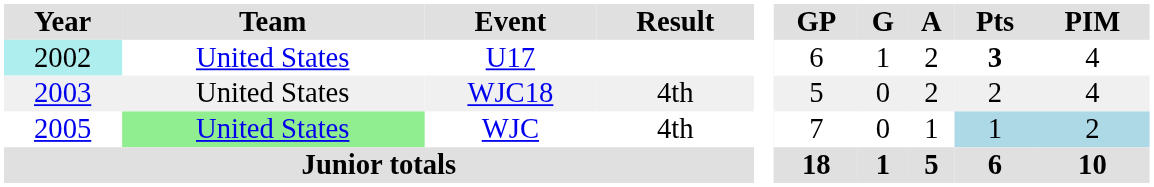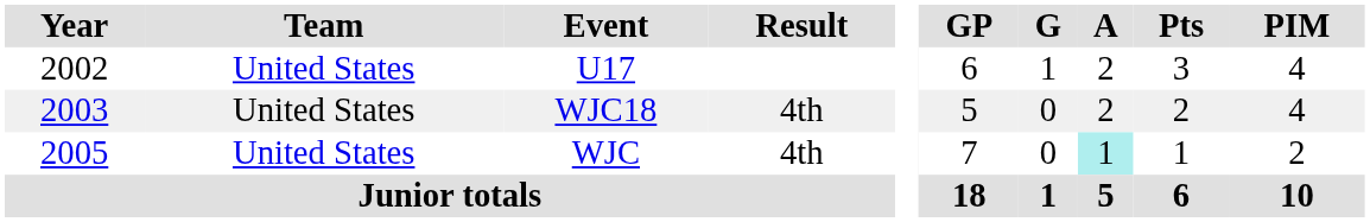 <table border="0" cellpadding="1" cellspacing="0" style="text-align:center; width:40em">
 <tr ALIGN="center" bgcolor="#e0e0e0">
 <th>Year</th>
 <th>Team</th>
 <th>Event</th>
 <th>Result</th>
 <th rowspan="99" bgcolor="#ffffff"> </th>
 <th>GP</th>
 <th>G</th>
 <th>A</th>
 <th>Pts</th>
 <th>PIM</th>
 </tr>
 <tr>
-<td style="background: paleturquoise;">2002</td>
+<td>2002</td>
 <td><a href='#'>United States</a></td>
 <td><a href='#'>U17</a></td>
 <td></td>
 <td>6</td>
 <td>1</td>
 <td>2</td>
-<td><strong>3</strong></td>
+<td>3</td>
 <td>4</td>
 </tr>
 <tr bgcolor="#f0f0f0">
 <td><a href='#'>2003</a></td>
 <td>United States</td>
 <td><a href='#'>WJC18</a></td>
 <td>4th</td>
 <td>5</td>
 <td>0</td>
 <td>2</td>
 <td>2</td>
 <td>4</td>
 </tr>
 <tr>
 <td><a href='#'>2005</a></td>
-<td style="background: lightgreen;"><a href='#'>United States</a></td>
+<td><a href='#'>United States</a></td>
 <td><a href='#'>WJC</a></td>
 <td>4th</td>
 <td>7</td>
 <td>0</td>
+<td style="background: paleturquoise;">1</td>
 <td>1</td>
-<td style="background: lightblue;">1</td>
-<td style="background: lightblue;">2</td>
+<td>2</td>
 </tr>
 <tr bgcolor="#e0e0e0">
 <th colspan="4">Junior totals</th>
 <th>18</th>
 <th>1</th>
 <th>5</th>
 <th>6</th>
 <th>10</th>
 </tr>
 </table>
